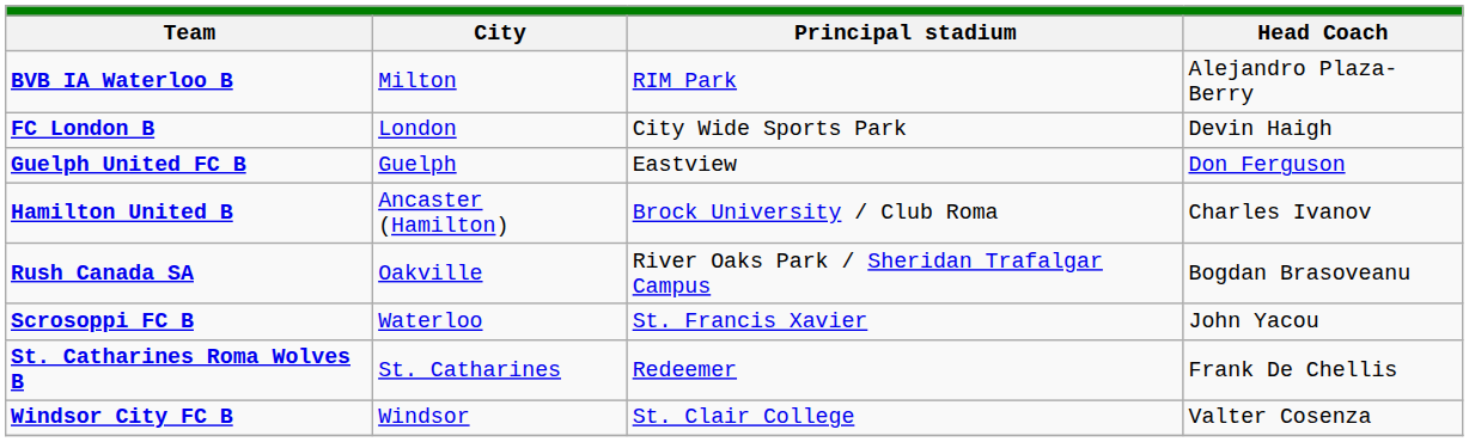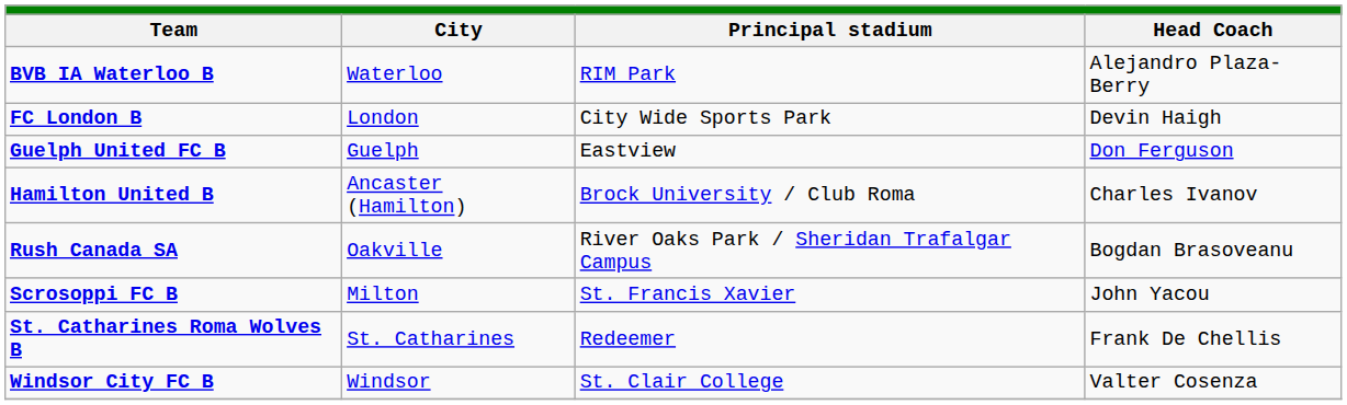 <table class="wikitable sortable">
 <tr>
 <th style="background:green" colspan="6"></th>
 </tr>
 <tr>
 <th>Team</th>
 <th>City</th>
 <th>Principal stadium</th>
 <th>Head Coach</th>
 </tr>
 <tr>
 <td><strong><a href='#'>BVB IA Waterloo B</a></strong></td>
-<td><a href='#'>Milton</a></td>
+<td><a href='#'>Waterloo</a></td>
 <td><a href='#'>RIM Park</a></td>
 <td>Alejandro Plaza-Berry</td>
 </tr>
 <tr>
 <td><strong><a href='#'>FC London B</a></strong></td>
 <td><a href='#'>London</a></td>
 <td>City Wide Sports Park</td>
 <td>Devin Haigh</td>
 </tr>
 <tr>
 <td><strong><a href='#'>Guelph United FC B</a></strong></td>
 <td><a href='#'>Guelph</a></td>
 <td>Eastview</td>
 <td><a href='#'>Don Ferguson</a></td>
 </tr>
 <tr>
 <td><strong><a href='#'>Hamilton United B</a></strong></td>
 <td><a href='#'>Ancaster</a> (<a href='#'>Hamilton</a>)</td>
 <td><a href='#'>Brock University</a> / Club Roma</td>
 <td>Charles Ivanov</td>
 </tr>
 <tr>
 <td><strong><a href='#'>Rush Canada SA</a></strong></td>
 <td><a href='#'>Oakville</a></td>
 <td>River Oaks Park / <a href='#'>Sheridan Trafalgar Campus</a></td>
 <td>Bogdan Brasoveanu</td>
 </tr>
 <tr>
 <td><strong><a href='#'>Scrosoppi FC B</a></strong></td>
-<td><a href='#'>Waterloo</a></td>
+<td><a href='#'>Milton</a></td>
 <td><a href='#'>St. Francis Xavier</a></td>
 <td>John Yacou</td>
 </tr>
 <tr>
 <td><strong><a href='#'>St. Catharines Roma Wolves B</a></strong></td>
 <td><a href='#'>St. Catharines</a></td>
 <td><a href='#'>Redeemer</a></td>
 <td>Frank De Chellis</td>
 </tr>
 <tr>
 <td><strong><a href='#'>Windsor City FC B</a></strong></td>
 <td><a href='#'>Windsor</a></td>
 <td><a href='#'>St. Clair College</a></td>
 <td>Valter Cosenza</td>
 </tr>
 <tr>
 </tr>
 </table>
